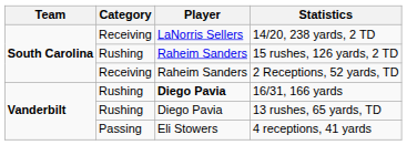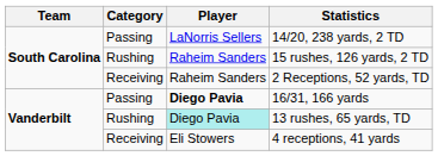 <table class="wikitable" style="float: right;">
 <tr>
 <th>Team</th>
 <th>Category</th>
 <th>Player</th>
 <th>Statistics</th>
 </tr>
 <tr>
 <td rowspan=3><strong>South Carolina</strong></td>
-<td>Receiving</td>
+<td>Passing</td>
 <td><a href='#'>LaNorris Sellers</a></td>
 <td>14/20, 238 yards, 2 TD</td>
 </tr>
 <tr>
 <td>Rushing</td>
 <td><a href='#'>Raheim Sanders</a></td>
 <td>15 rushes, 126 yards, 2 TD</td>
 </tr>
 <tr>
 <td>Receiving</td>
 <td>Raheim Sanders</td>
 <td>2 Receptions, 52 yards, TD</td>
 </tr>
 <tr>
 <td rowspan=3><strong>Vanderbilt</strong></td>
-<td>Rushing</td>
+<td>Passing</td>
 <td><strong>Diego Pavia</strong></td>
 <td>16/31, 166 yards</td>
 </tr>
 <tr>
 <td>Rushing</td>
-<td>Diego Pavia</td>
+<td style="background: paleturquoise;">Diego Pavia</td>
 <td>13 rushes, 65 yards, TD</td>
 </tr>
 <tr>
-<td>Passing</td>
+<td>Receiving</td>
 <td>Eli Stowers</td>
 <td>4 receptions, 41 yards</td>
 </tr>
 </table>
